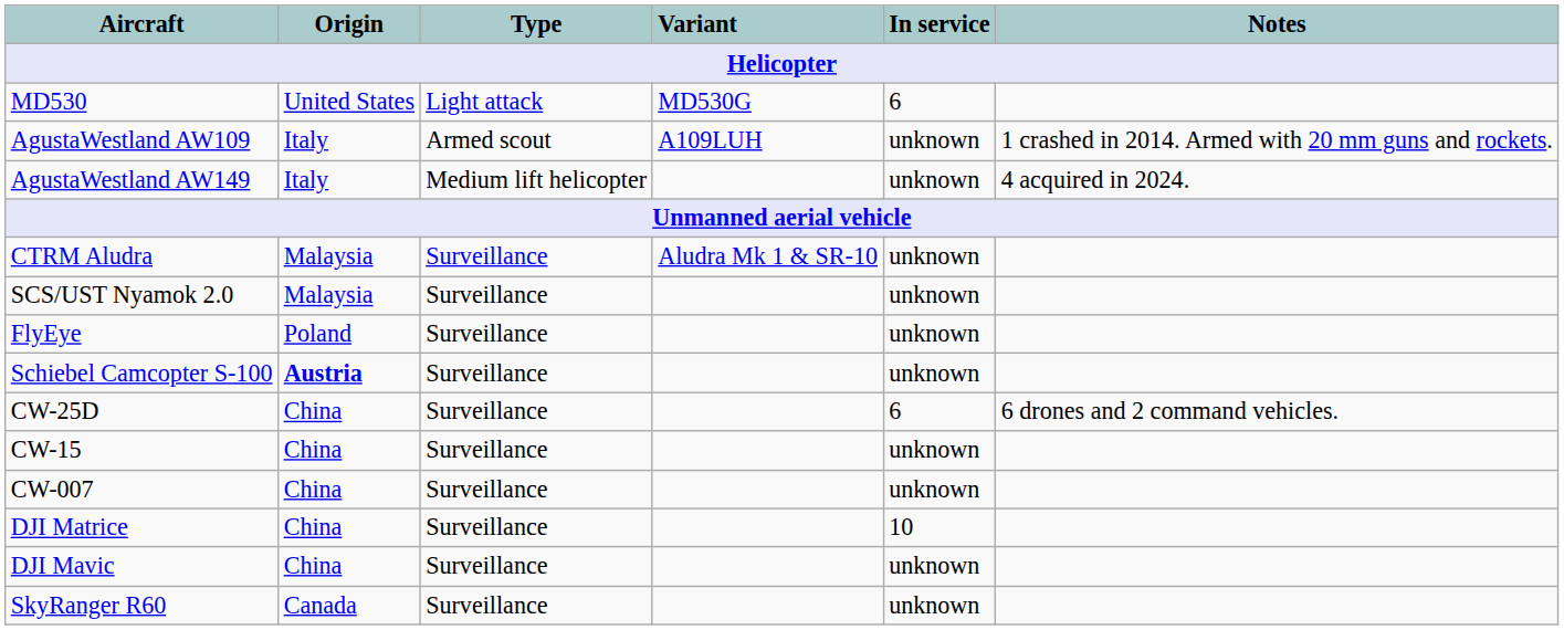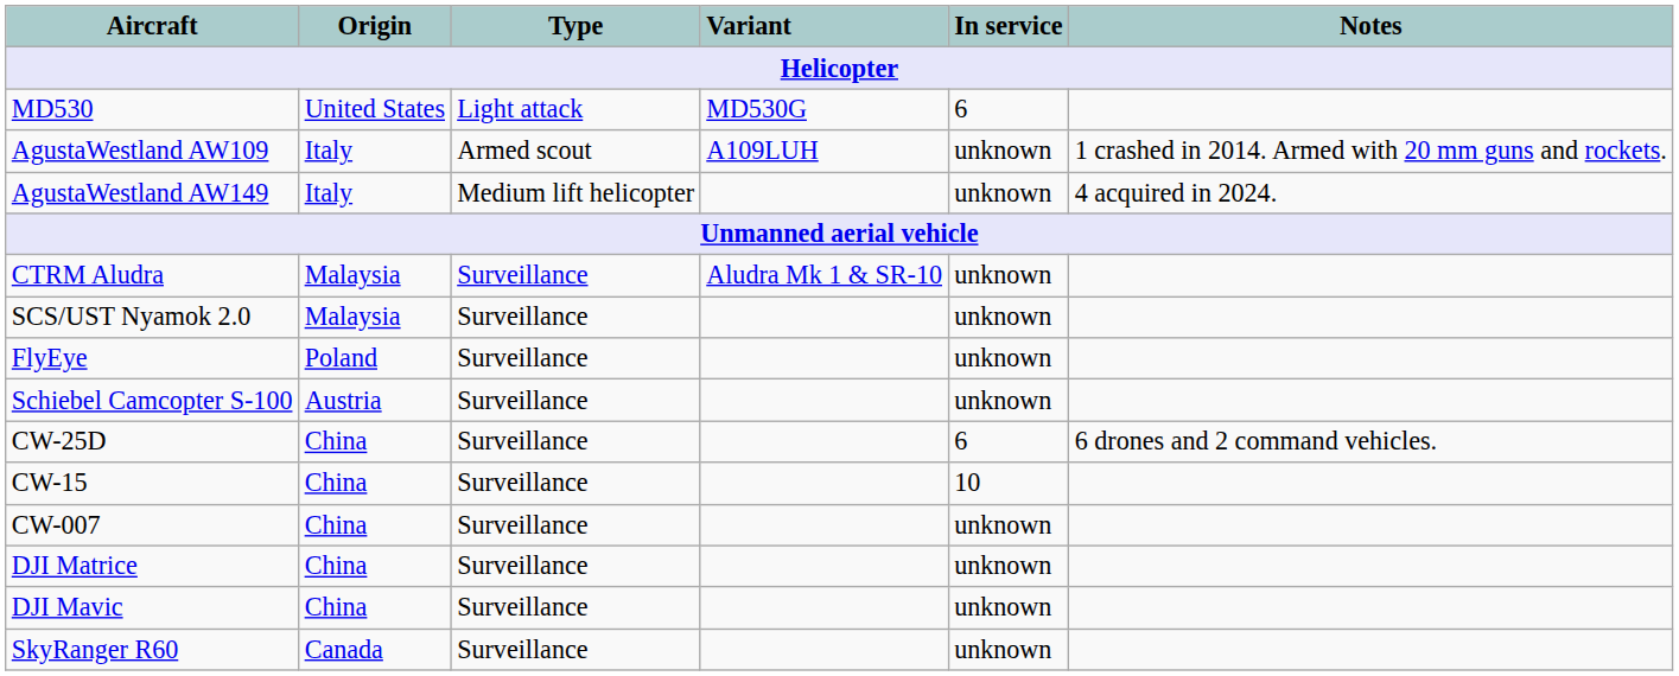 <table class="wikitable">
 <tr>
 <th style="text-align:center; background:#acc;">Aircraft</th>
 <th style="text-align: center; background:#acc;">Origin</th>
 <th style="text-align:l center; background:#acc;">Type</th>
 <th style="text-align:left; background:#acc;">Variant</th>
 <th style="text-align:center; background:#acc;">In service</th>
 <th style="text-align: center; background:#acc;">Notes</th>
 </tr>
 <tr>
 <th style="align: center; background: lavender;" colspan="7"><a href='#'>Helicopter</a></th>
 </tr>
 <tr>
 <td><a href='#'>MD530</a></td>
 <td><a href='#'>United States</a></td>
 <td><a href='#'>Light attack</a></td>
 <td><a href='#'>MD530G</a></td>
 <td>6</td>
 <td></td>
 </tr>
 <tr>
 <td><a href='#'>AgustaWestland AW109</a></td>
 <td><a href='#'>Italy</a></td>
 <td>Armed scout</td>
 <td><a href='#'>A109LUH</a></td>
 <td>unknown</td>
 <td>1 crashed in 2014. Armed with <a href='#'>20 mm guns</a> and <a href='#'>rockets</a>.</td>
 </tr>
 <tr>
 <td><a href='#'>AgustaWestland AW149</a></td>
 <td><a href='#'>Italy</a></td>
 <td>Medium lift helicopter</td>
 <td></td>
 <td>unknown</td>
 <td>4 acquired in 2024.</td>
 </tr>
 <tr>
 <th style="align: center; background: lavender;" colspan="7"><a href='#'>Unmanned aerial vehicle</a></th>
 </tr>
 <tr>
 <td><a href='#'>CTRM Aludra</a></td>
 <td><a href='#'>Malaysia</a></td>
 <td><a href='#'>Surveillance</a></td>
 <td><a href='#'>Aludra Mk 1 & SR-10</a></td>
 <td>unknown</td>
 <td></td>
 </tr>
 <tr>
 <td>SCS/UST Nyamok 2.0</td>
 <td><a href='#'>Malaysia</a></td>
 <td>Surveillance</td>
 <td></td>
 <td>unknown</td>
 <td></td>
 </tr>
 <tr>
 <td><a href='#'>FlyEye</a></td>
 <td><a href='#'>Poland</a></td>
 <td>Surveillance</td>
 <td></td>
 <td>unknown</td>
 <td></td>
 </tr>
 <tr>
 <td><a href='#'>Schiebel Camcopter S-100</a></td>
-<td><strong><a href='#'>Austria</a></strong></td>
+<td><a href='#'>Austria</a></td>
 <td>Surveillance</td>
 <td></td>
 <td>unknown</td>
 <td></td>
 </tr>
 <tr>
 <td>CW-25D</td>
 <td><a href='#'>China</a></td>
 <td>Surveillance</td>
 <td></td>
 <td>6</td>
 <td>6 drones and 2 command vehicles.</td>
 </tr>
 <tr>
 <td>CW-15</td>
 <td><a href='#'>China</a></td>
 <td>Surveillance</td>
 <td></td>
-<td>unknown</td>
+<td>10</td>
 <td></td>
 </tr>
 <tr>
 <td>CW-007</td>
 <td><a href='#'>China</a></td>
 <td>Surveillance</td>
 <td></td>
 <td>unknown</td>
 <td></td>
 </tr>
 <tr>
 <td><a href='#'>DJI Matrice</a></td>
 <td><a href='#'>China</a></td>
 <td>Surveillance</td>
 <td></td>
-<td>10</td>
+<td>unknown</td>
 <td></td>
 </tr>
 <tr>
 <td><a href='#'>DJI Mavic</a></td>
 <td><a href='#'>China</a></td>
 <td>Surveillance</td>
 <td></td>
 <td>unknown</td>
 <td></td>
 </tr>
 <tr>
 <td><a href='#'>SkyRanger R60</a></td>
 <td><a href='#'>Canada</a></td>
 <td>Surveillance</td>
 <td></td>
 <td>unknown</td>
 <td></td>
 </tr>
 </table>
